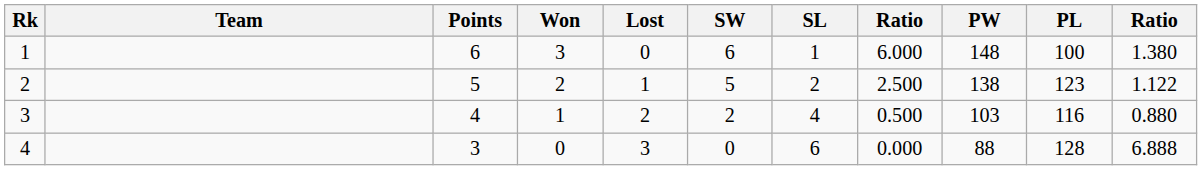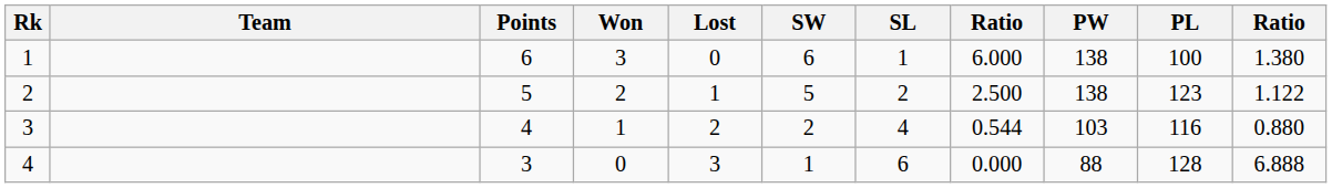 <table class=wikitable style=text-align:center>
 <tr>
 <th width=25>Rk</th>
 <th width=300>Team</th>
 <th width=60>Points</th>
 <th width=60>Won</th>
 <th width=60>Lost</th>
 <th width=60>SW</th>
 <th width=60>SL</th>
 <th width=60>Ratio</th>
 <th width=60>PW</th>
 <th width=60>PL</th>
 <th width=60>Ratio</th>
 </tr>
 <tr>
 <td>1</td>
 <td></td>
 <td>6</td>
 <td>3</td>
 <td>0</td>
 <td>6</td>
 <td>1</td>
 <td>6.000</td>
-<td>148</td>
+<td>138</td>
 <td>100</td>
 <td>1.380</td>
 </tr>
 <tr>
 <td>2</td>
 <td></td>
 <td>5</td>
 <td>2</td>
 <td>1</td>
 <td>5</td>
 <td>2</td>
 <td>2.500</td>
 <td>138</td>
 <td>123</td>
 <td>1.122</td>
 </tr>
 <tr>
 <td>3</td>
 <td></td>
 <td>4</td>
 <td>1</td>
 <td>2</td>
 <td>2</td>
 <td>4</td>
-<td>0.500</td>
+<td>0.544</td>
 <td>103</td>
 <td>116</td>
 <td>0.880</td>
 </tr>
 <tr>
 <td>4</td>
 <td></td>
 <td>3</td>
 <td>0</td>
 <td>3</td>
-<td>0</td>
+<td>1</td>
 <td>6</td>
 <td>0.000</td>
 <td>88</td>
 <td>128</td>
 <td>6.888</td>
 </tr>
 </table>
